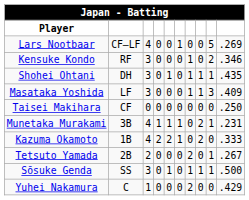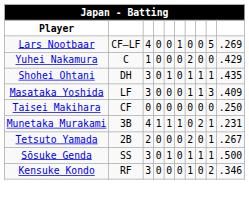 <table class="wikitable sortable" style="text-align:center;">
 <tr>
 <th colspan=10 style="background: #000000; color: #FFFFFF;"> Japan - Batting</th>
 </tr>
 <tr>
 <th style="background-color: #FFFFFF; color: #000000;">Player</th>
 <th style="background-color: #FFFFFF; color: #000000;"><a href='#'></a></th>
 <th style="background-color: #FFFFFF; color: #000000;"></th>
 <th style="background-color: #FFFFFF; color: #000000;"></th>
 <th style="background-color: #FFFFFF; color: #000000;"></th>
 <th style="background-color: #FFFFFF; color: #000000;"></th>
 <th style="background-color: #FFFFFF; color: #000000;"></th>
 <th style="background-color: #FFFFFF; color: #000000;"></th>
 <th style="background-color: #FFFFFF; color: #000000;"></th>
 <th style="background-color: #FFFFFF; color: #000000;"></th>
 </tr>
 <tr>
 <td><a href='#'>Lars Nootbaar</a></td>
 <td>CF–LF</td>
 <td>4</td>
 <td>0</td>
 <td>0</td>
 <td>1</td>
 <td>0</td>
 <td>0</td>
 <td>5</td>
 <td>.269</td>
 </tr>
 <tr>
-<td><a href='#'>Kensuke Kondo</a></td>
-<td>RF</td>
-<td>3</td>
+<td><a href='#'>Yuhei Nakamura</a></td>
+<td>C</td>
+<td>1</td>
 <td>0</td>
 <td>0</td>
 <td>0</td>
-<td>1</td>
+<td>2</td>
 <td>0</td>
-<td>2</td>
-<td>.346</td>
+<td>0</td>
+<td>.429</td>
 </tr>
 <tr>
 <td><a href='#'>Shohei Ohtani</a></td>
 <td>DH</td>
 <td>3</td>
 <td>0</td>
 <td>1</td>
 <td>0</td>
 <td>1</td>
 <td>1</td>
 <td>1</td>
 <td>.435</td>
 </tr>
 <tr>
 <td><a href='#'>Masataka Yoshida</a></td>
 <td>LF</td>
 <td>3</td>
 <td>0</td>
 <td>0</td>
 <td>0</td>
 <td>1</td>
 <td>1</td>
 <td>3</td>
 <td>.409</td>
 </tr>
 <tr>
 <td><a href='#'>Taisei Makihara</a></td>
 <td>CF</td>
 <td>0</td>
 <td>0</td>
 <td>0</td>
 <td>0</td>
 <td>0</td>
 <td>0</td>
 <td>0</td>
 <td>.250</td>
 </tr>
 <tr>
 <td><a href='#'>Munetaka Murakami</a></td>
 <td>3B</td>
 <td>4</td>
 <td>1</td>
 <td>1</td>
 <td>1</td>
 <td>0</td>
 <td>2</td>
 <td>1</td>
 <td>.231</td>
 </tr>
 <tr>
-<td><a href='#'>Kazuma Okamoto</a></td>
-<td>1B</td>
-<td>4</td>
-<td>2</td>
-<td>2</td>
-<td>1</td>
-<td>0</td>
-<td>2</td>
-<td>0</td>
-<td>.333</td>
-</tr>
-<tr>
 <td><a href='#'>Tetsuto Yamada</a></td>
 <td>2B</td>
 <td>2</td>
 <td>0</td>
 <td>0</td>
 <td>0</td>
 <td>2</td>
 <td>0</td>
 <td>1</td>
 <td>.267</td>
 </tr>
 <tr>
 <td><a href='#'>Sōsuke Genda</a></td>
 <td>SS</td>
 <td>3</td>
 <td>0</td>
 <td>1</td>
 <td>0</td>
 <td>1</td>
 <td>1</td>
 <td>1</td>
 <td>.500</td>
 </tr>
 <tr>
-<td><a href='#'>Yuhei Nakamura</a></td>
-<td>C</td>
-<td>1</td>
+<td><a href='#'>Kensuke Kondo</a></td>
+<td>RF</td>
+<td>3</td>
 <td>0</td>
 <td>0</td>
 <td>0</td>
+<td>1</td>
+<td>0</td>
 <td>2</td>
-<td>0</td>
-<td>0</td>
-<td>.429</td>
+<td>.346</td>
 </tr>
 </table>
